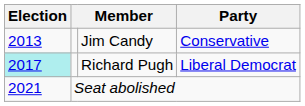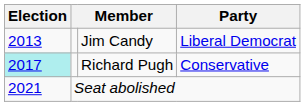 <table class="wikitable">
 <tr>
 <th>Election</th>
 <th colspan="2">Member</th>
 <th>Party</th>
 </tr>
 <tr>
 <td><a href='#'>2013</a></td>
 <td rowspan="1" style="background-color: "></td>
 <td rowspan="1">Jim Candy</td>
-<td rowspan="1"><a href='#'>Conservative</a></td>
+<td rowspan="1"><a href='#'>Liberal Democrat</a></td>
 </tr>
 <tr>
 <td style="background: paleturquoise;"><a href='#'>2017</a></td>
 <td rowspan="1" style="background-color: "></td>
 <td rowspan="1">Richard Pugh</td>
-<td rowspan="1"><a href='#'>Liberal Democrat</a></td>
+<td rowspan="1"><a href='#'>Conservative</a></td>
 </tr>
 <tr>
 <td><a href='#'>2021</a></td>
 <td colspan="3"><em>Seat abolished</em></td>
 </tr>
 </table>
